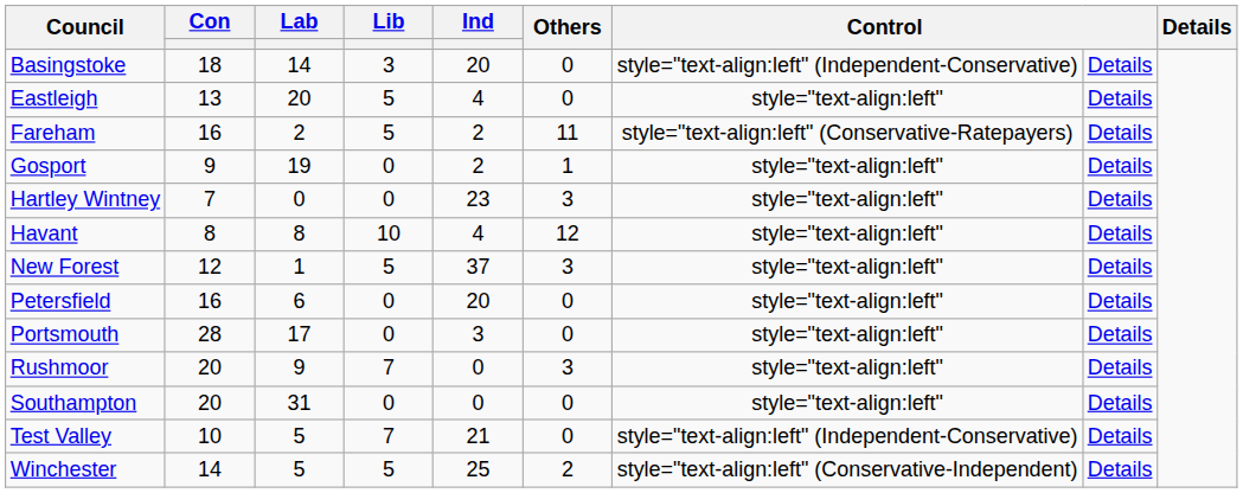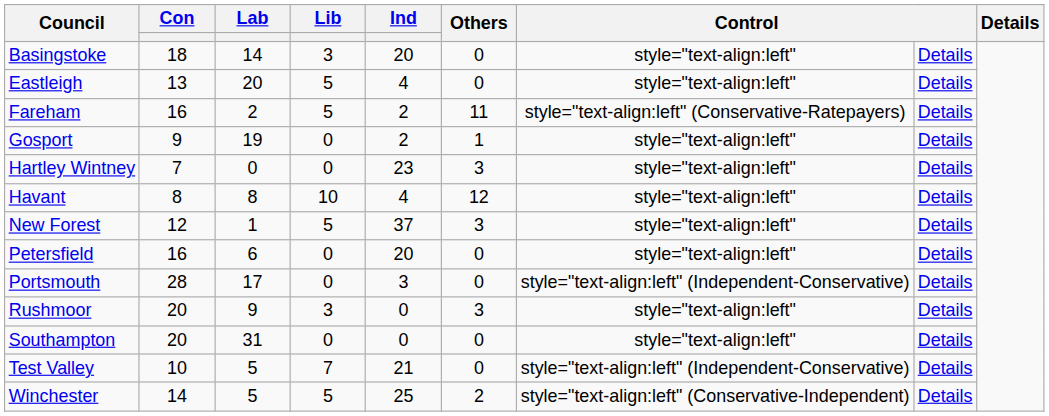 <table class="wikitable" style="text-align:center;">
 <tr>
 <th rowspan=2>Council</th>
 <th style="width:60px;"><a href='#'>Con</a></th>
 <th style="width:60px;"><a href='#'>Lab</a></th>
 <th style="width:60px;"><a href='#'>Lib</a></th>
 <th style="width:60px;"><a href='#'>Ind</a></th>
 <th style="width:60px;" rowspan=2>Others</th>
 <th rowspan=2 colspan=2>Control</th>
 <th rowspan=2>Details</th>
 </tr>
 <tr>
 <th style="background:"></th>
 <th style="background:"></th>
 <th style="background:"></th>
 <th style="background:"></th>
 </tr>
 <tr>
 <td style="text-align:left"><a href='#'>Basingstoke</a></td>
 <td>18</td>
 <td>14</td>
 <td>3</td>
 <td>20</td>
 <td>0</td>
-<td>style="text-align:left"  (Independent-Conservative)</td>
+<td>style="text-align:left" </td>
 <td style="text-align:left"><a href='#'>Details</a></td>
 </tr>
 <tr>
 <td style="text-align:left"><a href='#'>Eastleigh</a></td>
 <td>13</td>
 <td>20</td>
 <td>5</td>
 <td>4</td>
 <td>0</td>
 <td>style="text-align:left" </td>
 <td style="text-align:left"><a href='#'>Details</a></td>
 </tr>
 <tr>
 <td style="text-align:left"><a href='#'>Fareham</a></td>
 <td>16</td>
 <td>2</td>
 <td>5</td>
 <td>2</td>
 <td>11</td>
 <td>style="text-align:left"  (Conservative-Ratepayers)</td>
 <td style="text-align:left"><a href='#'>Details</a></td>
 </tr>
 <tr>
 <td style="text-align:left"><a href='#'>Gosport</a></td>
 <td>9</td>
 <td>19</td>
 <td>0</td>
 <td>2</td>
 <td>1</td>
 <td>style="text-align:left" </td>
 <td style="text-align:left"><a href='#'>Details</a></td>
 </tr>
 <tr>
 <td style="text-align:left"><a href='#'>Hartley Wintney</a></td>
 <td>7</td>
 <td>0</td>
 <td>0</td>
 <td>23</td>
 <td>3</td>
 <td>style="text-align:left" </td>
 <td style="text-align:left"><a href='#'>Details</a></td>
 </tr>
 <tr>
 <td style="text-align:left"><a href='#'>Havant</a></td>
 <td>8</td>
 <td>8</td>
 <td>10</td>
 <td>4</td>
 <td>12</td>
 <td>style="text-align:left" </td>
 <td style="text-align:left"><a href='#'>Details</a></td>
 </tr>
 <tr>
 <td style="text-align:left"><a href='#'>New Forest</a></td>
 <td>12</td>
 <td>1</td>
 <td>5</td>
 <td>37</td>
 <td>3</td>
 <td>style="text-align:left" </td>
 <td style="text-align:left"><a href='#'>Details</a></td>
 </tr>
 <tr>
 <td style="text-align:left"><a href='#'>Petersfield</a></td>
 <td>16</td>
 <td>6</td>
 <td>0</td>
 <td>20</td>
 <td>0</td>
 <td>style="text-align:left" </td>
 <td style="text-align:left"><a href='#'>Details</a></td>
 </tr>
 <tr>
 <td style="text-align:left"><a href='#'>Portsmouth</a></td>
 <td>28</td>
 <td>17</td>
 <td>0</td>
 <td>3</td>
 <td>0</td>
-<td>style="text-align:left" </td>
+<td>style="text-align:left"  (Independent-Conservative)</td>
 <td style="text-align:left"><a href='#'>Details</a></td>
 </tr>
 <tr>
 <td style="text-align:left"><a href='#'>Rushmoor</a></td>
 <td>20</td>
 <td>9</td>
-<td>7</td>
+<td>3</td>
 <td>0</td>
 <td>3</td>
 <td>style="text-align:left" </td>
 <td style="text-align:left"><a href='#'>Details</a></td>
 </tr>
 <tr>
 <td style="text-align:left"><a href='#'>Southampton</a></td>
 <td>20</td>
 <td>31</td>
 <td>0</td>
 <td>0</td>
 <td>0</td>
 <td>style="text-align:left" </td>
 <td style="text-align:left"><a href='#'>Details</a></td>
 </tr>
 <tr>
 <td style="text-align:left"><a href='#'>Test Valley</a></td>
 <td>10</td>
 <td>5</td>
 <td>7</td>
 <td>21</td>
 <td>0</td>
 <td>style="text-align:left"  (Independent-Conservative)</td>
 <td style="text-align:left"><a href='#'>Details</a></td>
 </tr>
 <tr>
 <td style="text-align:left"><a href='#'>Winchester</a></td>
 <td>14</td>
 <td>5</td>
 <td>5</td>
 <td>25</td>
 <td>2</td>
 <td>style="text-align:left"  (Conservative-Independent)</td>
 <td style="text-align:left"><a href='#'>Details</a></td>
 </tr>
 </table>
